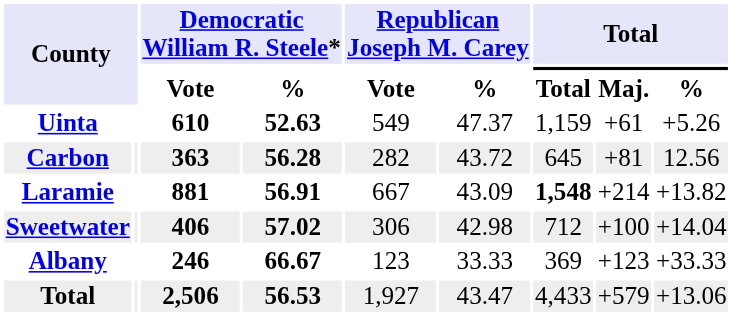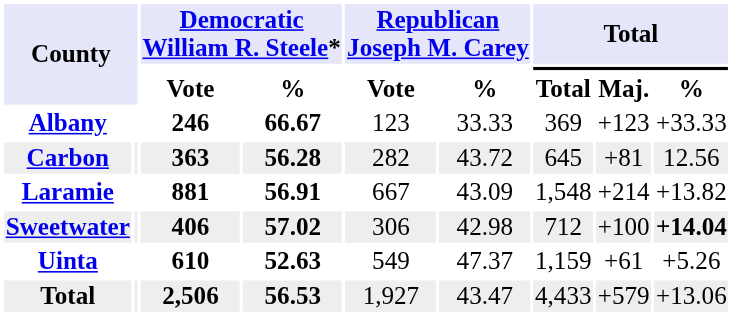 <table class="toccolours sortable" style="text-align:center;">
 <tr style="background:lavender">
 <th rowspan="3" colspan="2">County</th>
 <th colspan=2><a href='#'>Democratic</a><br><a href='#'>William R. Steele</a>*</th>
 <th colspan=2><a href='#'>Republican</a><br><a href='#'>Joseph M. Carey</a></th>
 <th colspan=3>Total</th>
 </tr>
 <tr>
 <th colspan=2 style="background-color:"></th>
 <th colspan=2 style="background-color:"></th>
 <th colspan=3 style="background-color:#000000"></th>
 </tr>
 <tr>
 <th align="center">Vote</th>
 <th align="center">%</th>
 <th align="center">Vote</th>
 <th align="center">%</th>
 <th align="center">Total</th>
 <th align="center">Maj.</th>
 <th align="center">%</th>
 </tr>
 <tr>
-<th><a href='#'>Uinta</a></th>
+<th><a href='#'>Albany</a></th>
 <td style="background-color:"></td>
-<td><strong>610</strong></td>
-<td><strong>52.63</strong></td>
-<td>549</td>
-<td>47.37</td>
-<td>1,159</td>
-<td>+61</td>
-<td>+5.26</td>
+<td><strong>246</strong></td>
+<td><strong>66.67</strong></td>
+<td>123</td>
+<td>33.33</td>
+<td>369</td>
+<td>+123</td>
+<td>+33.33</td>
 </tr>
 <tr style="background:#EEEEEE;">
 <th><a href='#'>Carbon</a></th>
 <td style="background-color:"></td>
 <td><strong>363</strong></td>
 <td><strong>56.28</strong></td>
 <td>282</td>
 <td>43.72</td>
 <td>645</td>
 <td>+81</td>
 <td>12.56</td>
 </tr>
 <tr>
 <th><a href='#'>Laramie</a></th>
 <td style="background-color:"></td>
 <td><strong>881</strong></td>
 <td><strong>56.91</strong></td>
 <td>667</td>
 <td>43.09</td>
-<td><strong>1,548</strong></td>
+<td>1,548</td>
 <td>+214</td>
 <td>+13.82</td>
 </tr>
 <tr style="background:#EEEEEE;">
 <th><a href='#'>Sweetwater</a></th>
 <td style="background-color:"></td>
 <td><strong>406</strong></td>
 <td><strong>57.02</strong></td>
 <td>306</td>
 <td>42.98</td>
 <td>712</td>
 <td>+100</td>
-<td>+14.04</td>
+<td><strong>+14.04</strong></td>
 </tr>
 <tr>
-<th><a href='#'>Albany</a></th>
+<th><a href='#'>Uinta</a></th>
 <td style="background-color:"></td>
-<td><strong>246</strong></td>
-<td><strong>66.67</strong></td>
-<td>123</td>
-<td>33.33</td>
-<td>369</td>
-<td>+123</td>
-<td>+33.33</td>
+<td><strong>610</strong></td>
+<td><strong>52.63</strong></td>
+<td>549</td>
+<td>47.37</td>
+<td>1,159</td>
+<td>+61</td>
+<td>+5.26</td>
 </tr>
 <tr style="background:#EEEEEE;">
 <th>Total</th>
 <td style="background-color:"></td>
 <td><strong>2,506</strong></td>
 <td><strong>56.53</strong></td>
 <td>1,927</td>
 <td>43.47</td>
 <td>4,433</td>
 <td>+579</td>
 <td>+13.06</td>
 </tr>
 </table>
